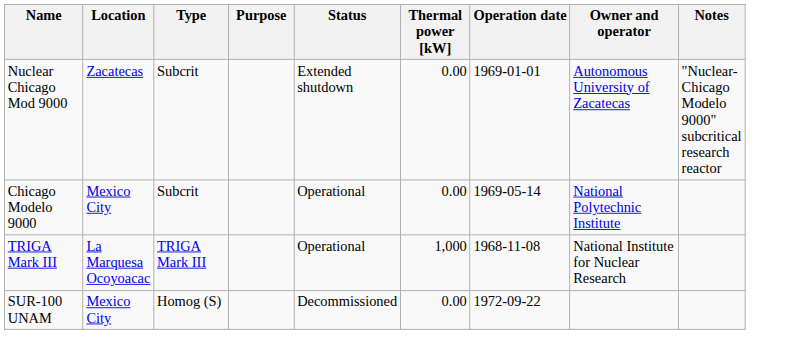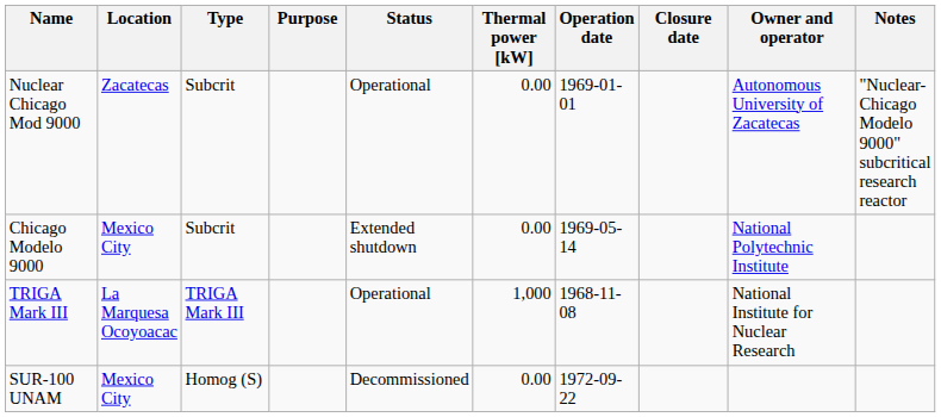 <table class="wikitable" >
 <tr valign="top">
 <th width="80">Name</th>
 <th width="65">Location</th>
 <th width="76">Type</th>
 <th width="65">Purpose</th>
 <th width="91">Status</th>
 <th width="70“">Thermal power [kW]</th>
 <th width=„67“>Operation date</th>
+<th width="78“">Closure date</th>
 <th width="113“">Owner and operator</th>
 <th width="65">Notes</th>
 </tr>
 <tr valign="top">
 <td>Nuclear Chicago Mod 9000</td>
 <td><a href='#'>Zacatecas</a></td>
 <td>Subcrit</td>
 <td></td>
-<td>Extended shutdown</td>
+<td>Operational</td>
 <td align="right">0.00</td>
 <td>1969-01-01</td>
+<td></td>
 <td><a href='#'>Autonomous University of Zacatecas</a></td>
 <td>"Nuclear-Chicago Modelo 9000" subcritical research reactor</td>
 </tr>
 <tr valign="top">
 <td>Chicago Modelo 9000</td>
 <td><a href='#'>Mexico City</a></td>
 <td>Subcrit</td>
 <td></td>
-<td>Operational</td>
+<td>Extended shutdown</td>
 <td align="right">0.00</td>
 <td>1969-05-14</td>
+<td></td>
 <td><a href='#'>National Polytechnic Institute</a></td>
 <td></td>
 </tr>
 <tr valign="top">
 <td><a href='#'>TRIGA Mark III</a></td>
 <td><a href='#'>La Marquesa Ocoyoacac</a></td>
 <td><a href='#'>TRIGA Mark III</a></td>
 <td></td>
 <td>Operational</td>
 <td align="right">1,000</td>
 <td>1968-11-08</td>
+<td></td>
 <td>National Institute for Nuclear Research</td>
 <td></td>
 </tr>
 <tr valign="top">
 <td>SUR-100 UNAM</td>
 <td><a href='#'>Mexico City</a></td>
 <td>Homog (S)</td>
 <td></td>
 <td>Decommissioned</td>
 <td align="right">0.00</td>
 <td>1972-09-22</td>
 <td></td>
 <td></td>
+<td></td>
 </tr>
 </table>
